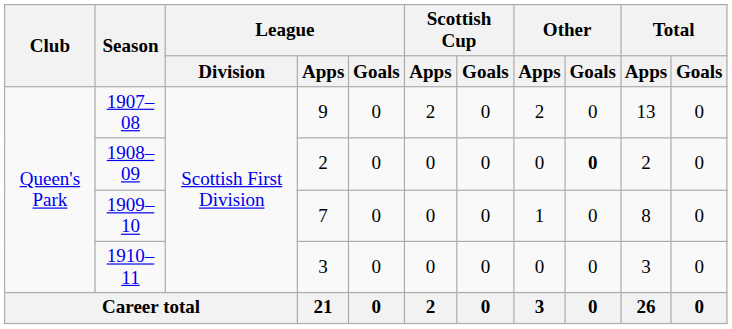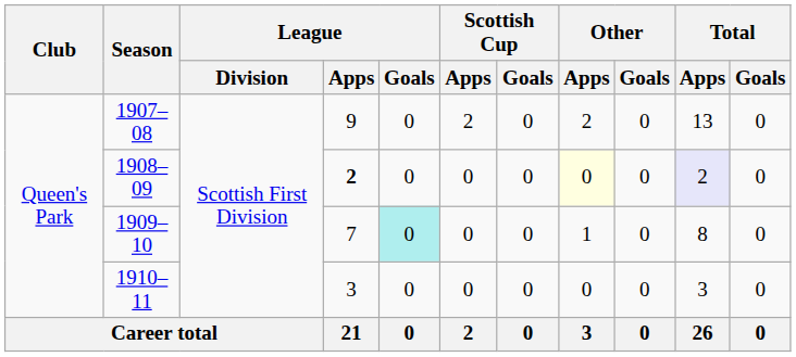 <table class="wikitable" style="text-align: center;">
 <tr>
 <th rowspan="2">Club</th>
 <th rowspan="2">Season</th>
 <th colspan="3">League</th>
 <th colspan="2">Scottish Cup</th>
 <th colspan="2">Other</th>
 <th colspan="2">Total</th>
 </tr>
 <tr>
 <th>Division</th>
 <th>Apps</th>
 <th>Goals</th>
 <th>Apps</th>
 <th>Goals</th>
 <th>Apps</th>
 <th>Goals</th>
 <th>Apps</th>
 <th>Goals</th>
 </tr>
 <tr>
 <td rowspan="4"><a href='#'>Queen's Park</a></td>
 <td><a href='#'>1907–08</a></td>
 <td rowspan="4"><a href='#'>Scottish First Division</a></td>
 <td>9</td>
 <td>0</td>
 <td>2</td>
 <td>0</td>
 <td>2</td>
 <td>0</td>
 <td>13</td>
 <td>0</td>
 </tr>
 <tr>
 <td><a href='#'>1908–09</a></td>
-<td>2</td>
+<td><strong>2</strong></td>
 <td>0</td>
 <td>0</td>
 <td>0</td>
+<td style="background: lightyellow;">0</td>
 <td>0</td>
-<td><strong>0</strong></td>
-<td>2</td>
+<td style="background: lavender;">2</td>
 <td>0</td>
 </tr>
 <tr>
 <td><a href='#'>1909–10</a></td>
 <td>7</td>
-<td>0</td>
+<td style="background: paleturquoise;">0</td>
 <td>0</td>
 <td>0</td>
 <td>1</td>
 <td>0</td>
 <td>8</td>
 <td>0</td>
 </tr>
 <tr>
 <td><a href='#'>1910–11</a></td>
 <td>3</td>
 <td>0</td>
 <td>0</td>
 <td>0</td>
 <td>0</td>
 <td>0</td>
 <td>3</td>
 <td>0</td>
 </tr>
 <tr>
 <th colspan="3">Career total</th>
 <th>21</th>
 <th>0</th>
 <th>2</th>
 <th>0</th>
 <th>3</th>
 <th>0</th>
 <th>26</th>
 <th>0</th>
 </tr>
 </table>
